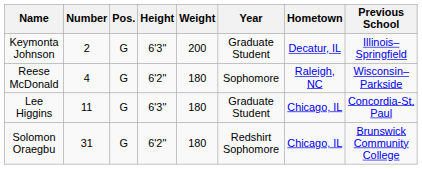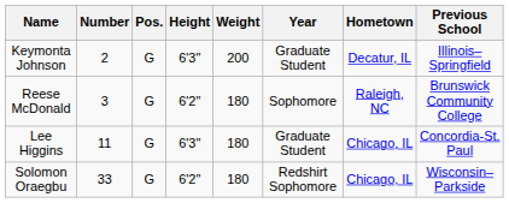 <table class="wikitable sortable sortable" style="text-align: center">
 <tr align=center>
 <th>Name</th>
 <th>Number</th>
 <th>Pos.</th>
 <th>Height</th>
 <th>Weight</th>
 <th>Year</th>
 <th>Hometown</th>
 <th>Previous School</th>
 </tr>
 <tr>
 <td>Keymonta Johnson</td>
 <td>2</td>
 <td>G</td>
 <td>6'3"</td>
 <td>200</td>
 <td>Graduate Student</td>
 <td><a href='#'>Decatur, IL</a></td>
 <td><a href='#'>Illinois–Springfield</a></td>
 </tr>
 <tr>
 <td>Reese McDonald</td>
-<td>4</td>
+<td>3</td>
 <td>G</td>
 <td>6'2"</td>
 <td>180</td>
 <td>Sophomore</td>
 <td><a href='#'>Raleigh, NC</a></td>
-<td><a href='#'>Wisconsin–Parkside</a></td>
+<td><a href='#'>Brunswick Community College</a></td>
 </tr>
 <tr>
 <td>Lee Higgins</td>
 <td>11</td>
 <td>G</td>
 <td>6'3"</td>
 <td>180</td>
 <td>Graduate Student</td>
 <td><a href='#'>Chicago, IL</a></td>
 <td><a href='#'>Concordia-St. Paul</a></td>
 </tr>
 <tr>
 <td>Solomon Oraegbu</td>
-<td>31</td>
+<td>33</td>
 <td>G</td>
 <td>6'2"</td>
 <td>180</td>
 <td>Redshirt Sophomore</td>
 <td><a href='#'>Chicago, IL</a></td>
-<td><a href='#'>Brunswick Community College</a></td>
+<td><a href='#'>Wisconsin–Parkside</a></td>
 </tr>
 </table>
